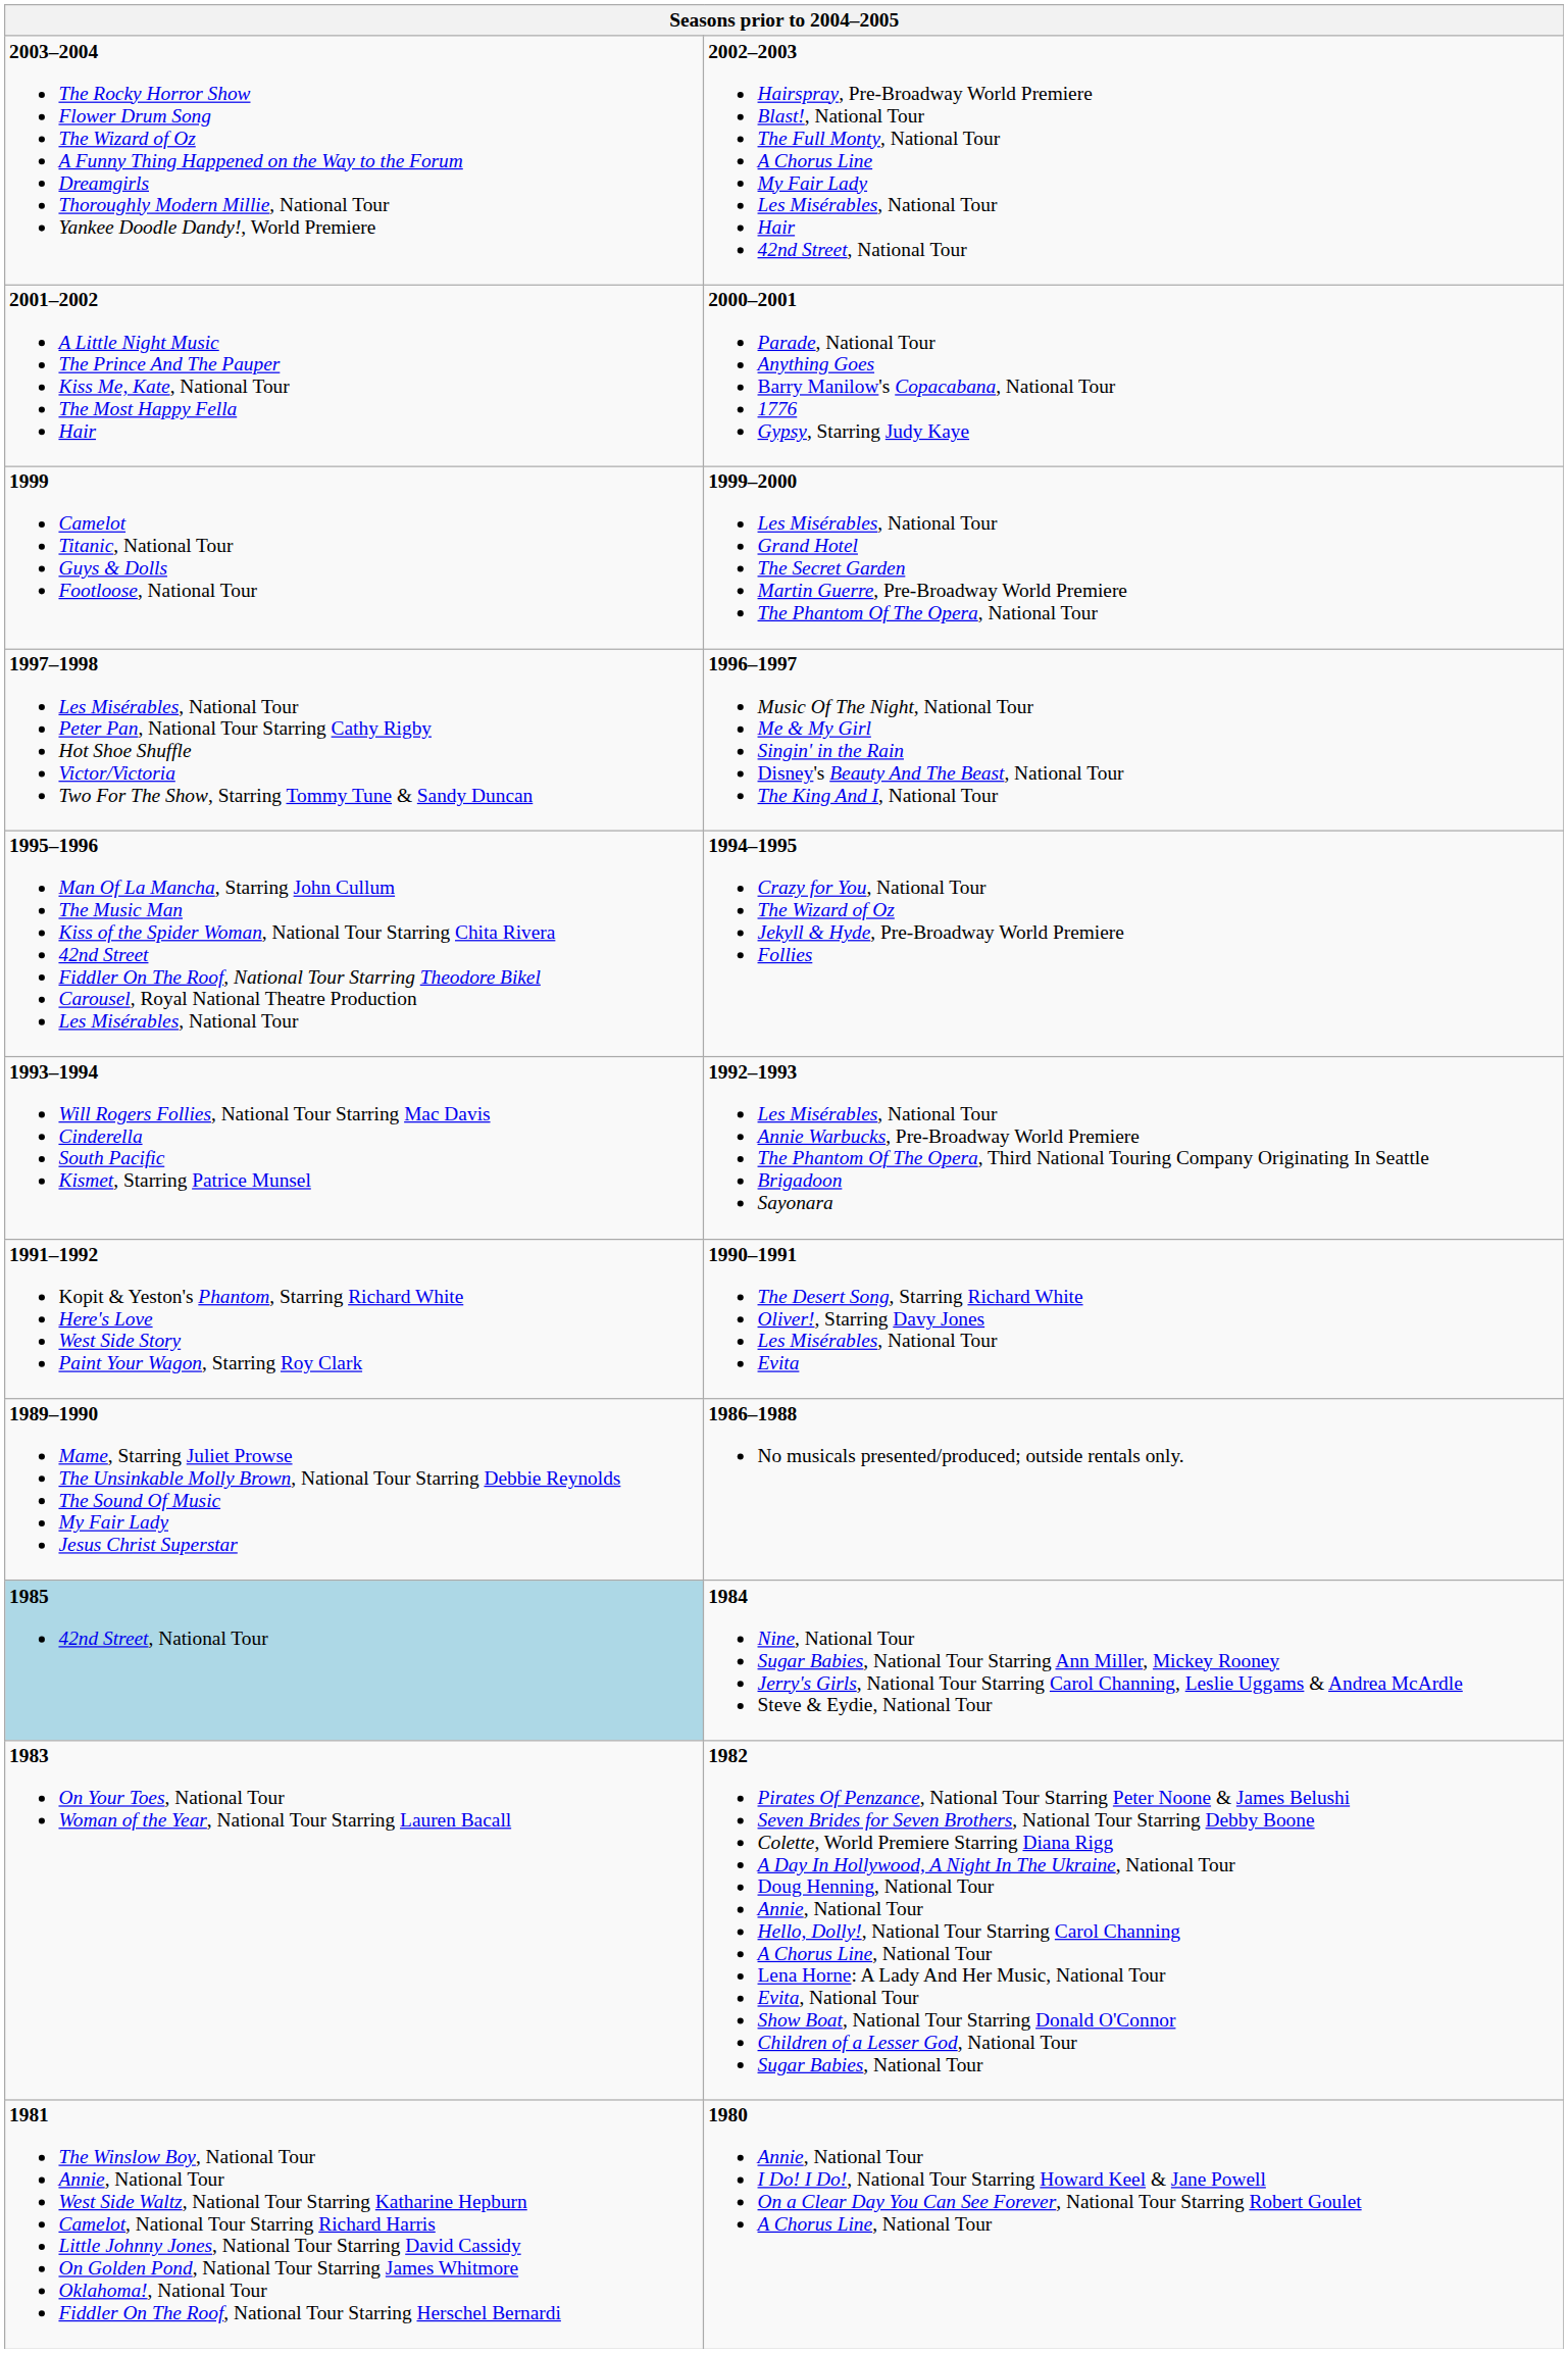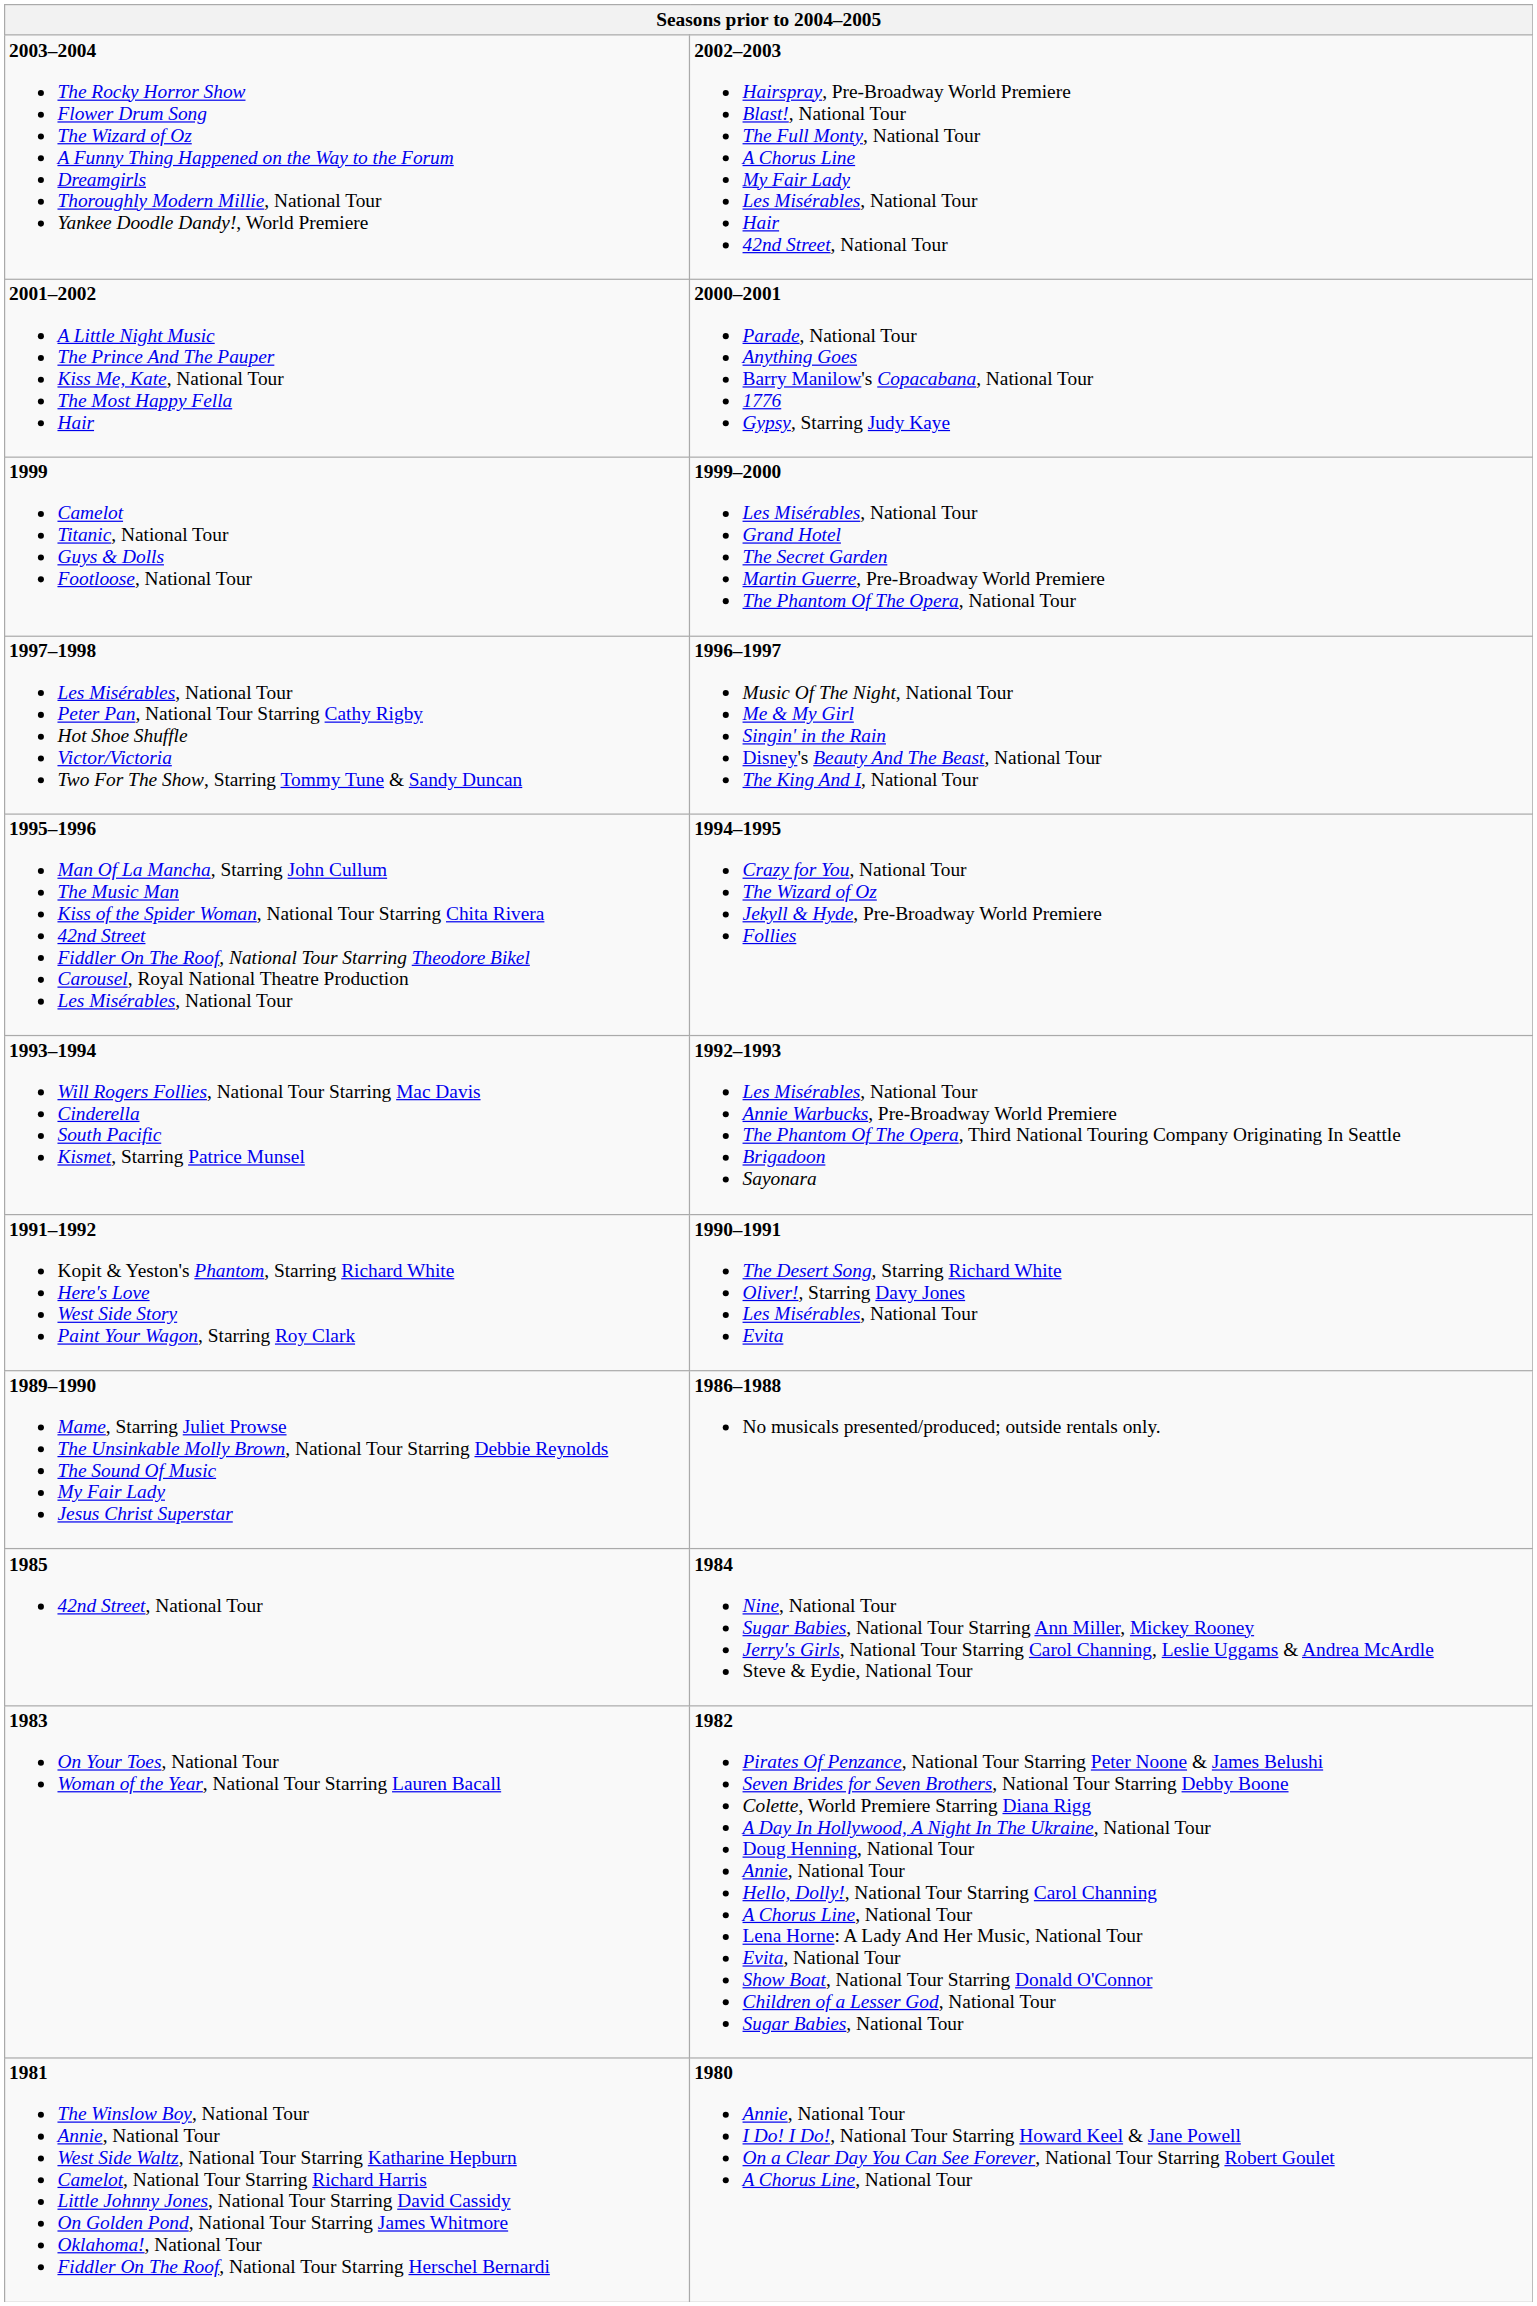 <table class="wikitable collapsible autocollapse" width="100%">
 <tr>
 <th colspan="2">Seasons prior to 2004–2005</th>
 </tr>
 <tr valign="top" width=50%>
 <td><strong>2003–2004</strong><br><ul><li><em><a href='#'>The Rocky Horror Show</a></em></li><li><em><a href='#'>Flower Drum Song</a></em></li><li><em><a href='#'>The Wizard of Oz</a></em></li><li><em><a href='#'>A Funny Thing Happened on the Way to the Forum</a></em></li><li><em><a href='#'>Dreamgirls</a></em></li><li><em><a href='#'>Thoroughly Modern Millie</a></em>, National Tour</li><li><em>Yankee Doodle Dandy!</em>, World Premiere</li></ul></td>
 <td><strong>2002–2003</strong><br><ul><li><em><a href='#'>Hairspray</a></em>, Pre-Broadway World Premiere</li><li><em><a href='#'>Blast!</a></em>, National Tour</li><li><em><a href='#'>The Full Monty</a></em>, National Tour</li><li><em><a href='#'>A Chorus Line</a></em></li><li><em><a href='#'>My Fair Lady</a></em></li><li><em><a href='#'>Les Misérables</a></em>, National Tour</li><li><em><a href='#'>Hair</a></em></li><li><em><a href='#'>42nd Street</a></em>, National Tour</li></ul></td>
 </tr>
 <tr valign="top">
 <td><strong>2001–2002</strong><br><ul><li><em><a href='#'>A Little Night Music</a></em></li><li><em><a href='#'>The Prince And The Pauper</a></em></li><li><em><a href='#'>Kiss Me, Kate</a></em>, National Tour</li><li><em><a href='#'>The Most Happy Fella</a></em></li><li><em><a href='#'>Hair</a></em></li></ul></td>
 <td><strong>2000–2001</strong><br><ul><li><em><a href='#'>Parade</a></em>, National Tour</li><li><em><a href='#'>Anything Goes</a></em></li><li><a href='#'>Barry Manilow</a>'s <em><a href='#'>Copacabana</a></em>, National Tour</li><li><em><a href='#'>1776</a></em></li><li><em><a href='#'>Gypsy</a></em>, Starring <a href='#'>Judy Kaye</a></li></ul></td>
 </tr>
 <tr valign="top">
 <td><strong>1999</strong><br><ul><li><em><a href='#'>Camelot</a></em></li><li><em><a href='#'>Titanic</a></em>, National Tour</li><li><em><a href='#'>Guys & Dolls</a></em></li><li><em><a href='#'>Footloose</a></em>, National Tour</li></ul></td>
 <td><strong>1999–2000</strong><br><ul><li><em><a href='#'>Les Misérables</a></em>, National Tour</li><li><em><a href='#'>Grand Hotel</a></em></li><li><em><a href='#'>The Secret Garden</a></em></li><li><em><a href='#'>Martin Guerre</a></em>, Pre-Broadway World Premiere</li><li><em><a href='#'>The Phantom Of The Opera</a></em>, National Tour</li></ul></td>
 </tr>
 <tr valign="top">
 <td><strong>1997–1998</strong><br><ul><li><em><a href='#'>Les Misérables</a></em>, National Tour</li><li><em><a href='#'>Peter Pan</a></em>, National Tour Starring <a href='#'>Cathy Rigby</a></li><li><em>Hot Shoe Shuffle </em></li><li><em><a href='#'>Victor/Victoria</a></em></li><li><em>Two For The Show</em>, Starring <a href='#'>Tommy Tune</a> & <a href='#'>Sandy Duncan</a></li></ul></td>
 <td><strong>1996–1997</strong><br><ul><li><em>Music Of The Night</em>, National Tour</li><li><em><a href='#'>Me & My Girl</a></em></li><li><em><a href='#'>Singin' in the Rain</a></em></li><li><a href='#'>Disney</a>'s <em><a href='#'>Beauty And The Beast</a></em>, National Tour</li><li><em><a href='#'>The King And I</a></em>, National Tour</li></ul></td>
 </tr>
 <tr valign="top">
 <td><strong>1995–1996</strong><br><ul><li><em><a href='#'>Man Of La Mancha</a></em>, Starring <a href='#'>John Cullum</a></li><li><em><a href='#'>The Music Man</a></em></li><li><em><a href='#'>Kiss of the Spider Woman</a></em>, National Tour Starring <a href='#'>Chita Rivera</a></li><li><em><a href='#'>42nd Street</a></em></li><li><em><a href='#'>Fiddler On The Roof</a>, National Tour Starring <a href='#'>Theodore Bikel</a></em></li><li><em><a href='#'>Carousel</a></em>, Royal National Theatre Production</li><li><em><a href='#'>Les Misérables</a></em>, National Tour</li></ul></td>
 <td><strong>1994–1995</strong><br><ul><li><em><a href='#'>Crazy for You</a></em>, National Tour</li><li><em><a href='#'>The Wizard of Oz</a></em></li><li><em><a href='#'>Jekyll & Hyde</a></em>, Pre-Broadway World Premiere</li><li><em><a href='#'>Follies</a></em></li></ul></td>
 </tr>
 <tr valign="top">
 <td><strong>1993–1994</strong><br><ul><li><em><a href='#'>Will Rogers Follies</a></em>, National Tour Starring <a href='#'>Mac Davis</a></li><li><em><a href='#'>Cinderella</a></em></li><li><em><a href='#'>South Pacific</a></em></li><li><em><a href='#'>Kismet</a></em>, Starring <a href='#'>Patrice Munsel</a></li></ul></td>
 <td><strong>1992–1993</strong><br><ul><li><em><a href='#'>Les Misérables</a></em>, National Tour</li><li><em><a href='#'>Annie Warbucks</a></em>, Pre-Broadway World Premiere</li><li><em><a href='#'>The Phantom Of The Opera</a></em>, Third National Touring Company Originating In Seattle</li><li><em><a href='#'>Brigadoon</a></em></li><li><em>Sayonara</em></li></ul></td>
 </tr>
 <tr valign="top">
 <td><strong>1991–1992</strong><br><ul><li>Kopit & Yeston's <em><a href='#'>Phantom</a></em>, Starring <a href='#'>Richard White</a></li><li><em><a href='#'>Here's Love</a></em></li><li><em><a href='#'>West Side Story</a></em></li><li><em><a href='#'>Paint Your Wagon</a></em>, Starring <a href='#'>Roy Clark</a></li></ul></td>
 <td><strong>1990–1991</strong><br><ul><li><em><a href='#'>The Desert Song</a></em>, Starring <a href='#'>Richard White</a></li><li><em><a href='#'>Oliver!</a></em>, Starring <a href='#'>Davy Jones</a></li><li><em><a href='#'>Les Misérables</a></em>, National Tour</li><li><em><a href='#'>Evita</a></em></li></ul></td>
 </tr>
 <tr valign="top">
 <td><strong>1989–1990</strong><br><ul><li><em><a href='#'>Mame</a></em>, Starring <a href='#'>Juliet Prowse</a></li><li><em><a href='#'>The Unsinkable Molly Brown</a></em>, National Tour Starring <a href='#'>Debbie Reynolds</a></li><li><em><a href='#'>The Sound Of Music</a></em></li><li><em><a href='#'>My Fair Lady</a></em></li><li><em><a href='#'>Jesus Christ Superstar</a></em></li></ul></td>
 <td><strong>1986–1988</strong><br><ul><li>No musicals presented/produced; outside rentals only.</li></ul></td>
 </tr>
 <tr valign="top">
-<td style="background: lightblue;"><strong>1985</strong><br><ul><li><em><a href='#'>42nd Street</a></em>, National Tour</li></ul></td>
+<td><strong>1985</strong><br><ul><li><em><a href='#'>42nd Street</a></em>, National Tour</li></ul></td>
 <td><strong>1984</strong><br><ul><li><em><a href='#'>Nine</a></em>, National Tour</li><li><em><a href='#'>Sugar Babies</a></em>, National Tour Starring <a href='#'>Ann Miller</a>, <a href='#'>Mickey Rooney</a></li><li><em><a href='#'>Jerry's Girls</a></em>, National Tour Starring <a href='#'>Carol Channing</a>, <a href='#'>Leslie Uggams</a> & <a href='#'>Andrea McArdle</a></li><li>Steve & Eydie, National Tour</li></ul></td>
 </tr>
 <tr valign="top">
 <td><strong>1983</strong><br><ul><li><em><a href='#'>On Your Toes</a></em>, National Tour</li><li><em><a href='#'>Woman of the Year</a></em>, National Tour Starring <a href='#'>Lauren Bacall</a></li></ul></td>
 <td><strong>1982</strong><br><ul><li><em><a href='#'>Pirates Of Penzance</a></em>, National Tour Starring <a href='#'>Peter Noone</a> & <a href='#'>James Belushi</a></li><li><em><a href='#'>Seven Brides for Seven Brothers</a></em>, National Tour Starring <a href='#'>Debby Boone</a></li><li><em>Colette</em>, World Premiere Starring <a href='#'>Diana Rigg</a></li><li><em><a href='#'>A Day In Hollywood, A Night In The Ukraine</a></em>, National Tour</li><li><a href='#'>Doug Henning</a>, National Tour</li><li><em><a href='#'>Annie</a></em>, National Tour</li><li><em><a href='#'>Hello, Dolly!</a></em>, National Tour Starring <a href='#'>Carol Channing</a></li><li><em><a href='#'>A Chorus Line</a></em>, National Tour</li><li><a href='#'>Lena Horne</a>: A Lady And Her Music, National Tour</li><li><em><a href='#'>Evita</a></em>, National Tour</li><li><em><a href='#'>Show Boat</a></em>, National Tour Starring <a href='#'>Donald O'Connor</a></li><li><em><a href='#'>Children of a Lesser God</a></em>, National Tour</li><li><em><a href='#'>Sugar Babies</a></em>, National Tour</li></ul></td>
 </tr>
 <tr valign="top">
 <td><strong>1981</strong><br><ul><li><em><a href='#'>The Winslow Boy</a></em>, National Tour</li><li><em><a href='#'>Annie</a></em>, National Tour</li><li><em><a href='#'>West Side Waltz</a></em>, National Tour Starring <a href='#'>Katharine Hepburn</a></li><li><em><a href='#'>Camelot</a></em>, National Tour Starring <a href='#'>Richard Harris</a></li><li><em><a href='#'>Little Johnny Jones</a></em>, National Tour Starring <a href='#'>David Cassidy</a></li><li><em><a href='#'>On Golden Pond</a></em>, National Tour Starring <a href='#'>James Whitmore</a></li><li><em><a href='#'>Oklahoma!</a></em>, National Tour</li><li><em><a href='#'>Fiddler On The Roof</a></em>, National Tour Starring <a href='#'>Herschel Bernardi</a></li></ul></td>
 <td><strong>1980</strong><br><ul><li><em><a href='#'>Annie</a></em>, National Tour</li><li><em><a href='#'>I Do! I Do!</a></em>, National Tour Starring <a href='#'>Howard Keel</a> & <a href='#'>Jane Powell</a></li><li><em><a href='#'>On a Clear Day You Can See Forever</a></em>, National Tour Starring <a href='#'>Robert Goulet</a></li><li><em><a href='#'>A Chorus Line</a></em>, National Tour</li></ul></td>
 </tr>
 </table>
